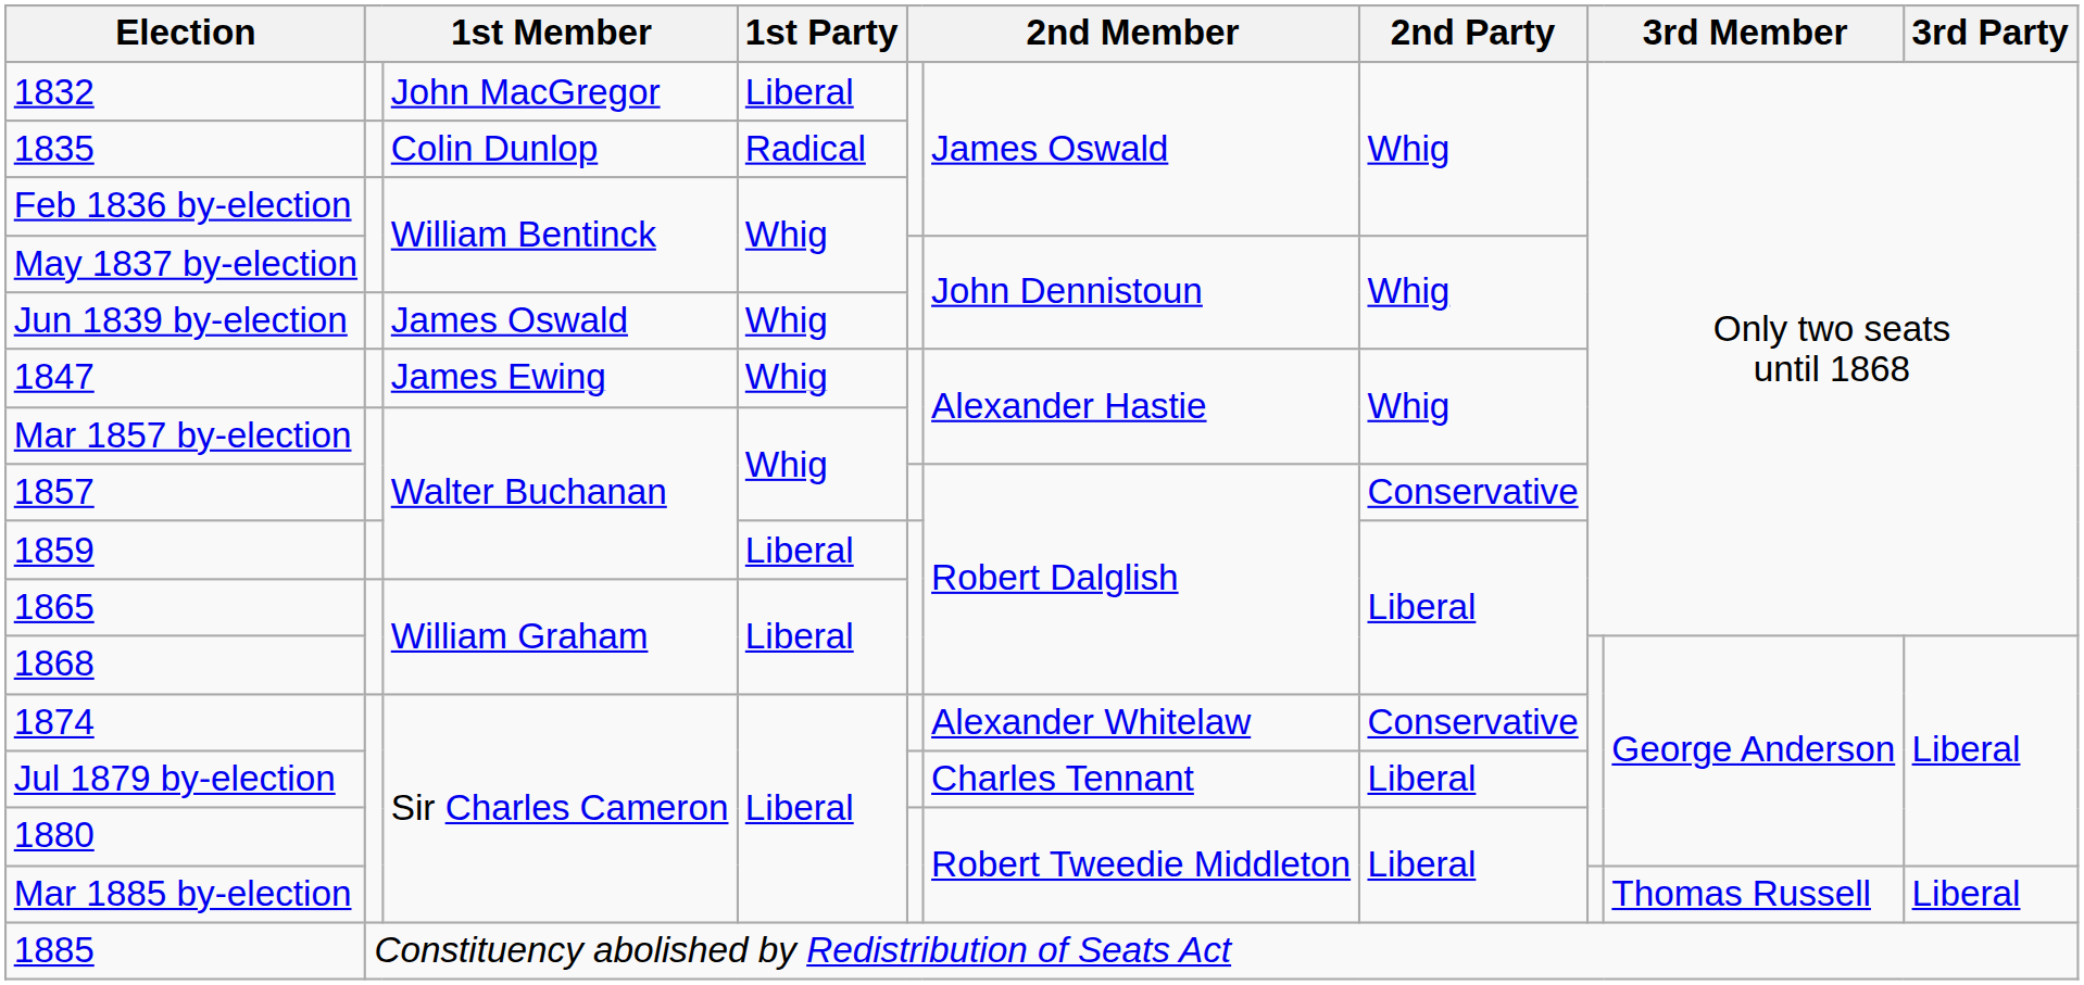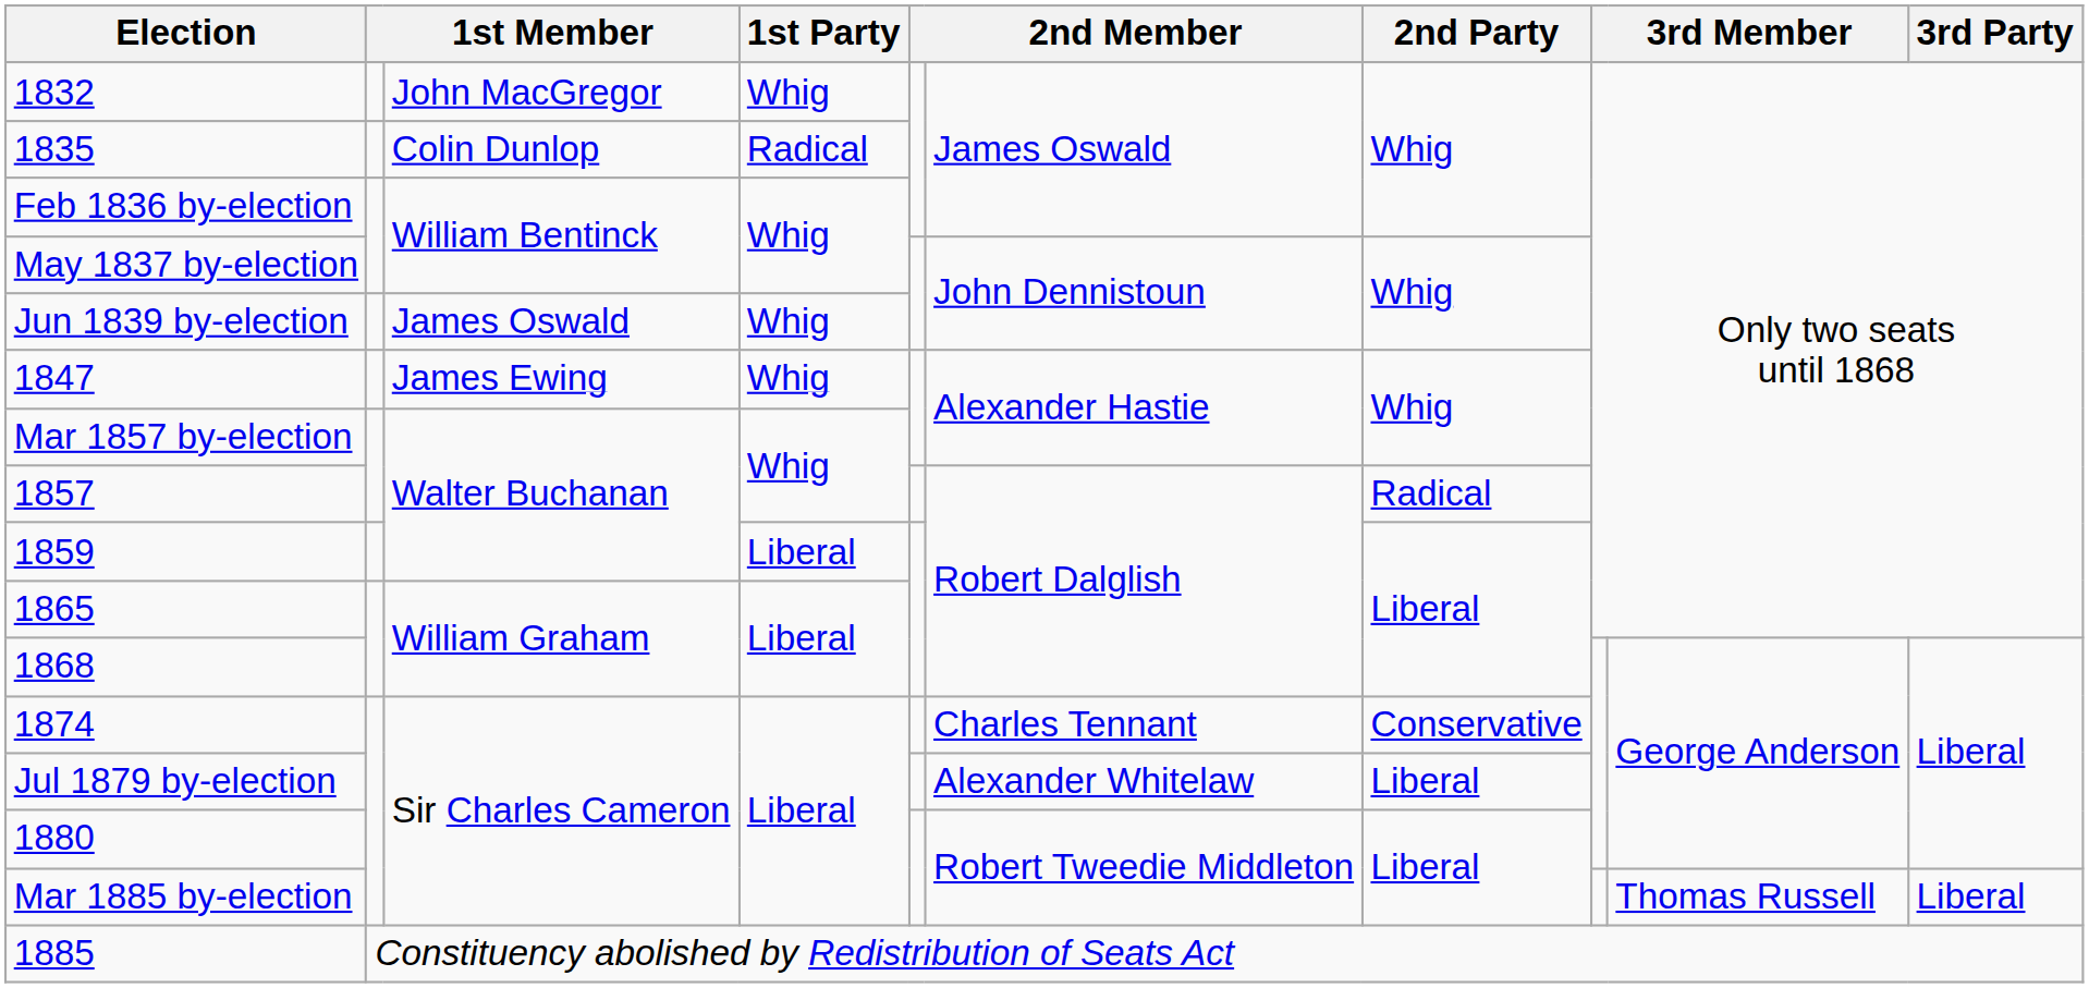 <table class="wikitable">
 <tr>
 <th>Election</th>
 <th colspan="2">1st Member</th>
 <th>1st Party</th>
 <th colspan="2">2nd Member</th>
 <th>2nd Party</th>
 <th colspan="2">3rd Member</th>
 <th>3rd Party</th>
 </tr>
 <tr>
 <td><a href='#'>1832</a></td>
 <td style="color:inherit;background-color: "></td>
 <td><a href='#'>John MacGregor</a></td>
-<td><a href='#'>Liberal</a></td>
+<td><a href='#'>Whig</a></td>
 <td rowspan="3" style="color:inherit;background-color: "></td>
 <td rowspan="3"><a href='#'>James Oswald</a></td>
 <td rowspan="3"><a href='#'>Whig</a></td>
 <td rowspan="10" colspan="3" style="text-align:center">Only two seats<br>until 1868</td>
 </tr>
 <tr>
 <td><a href='#'>1835</a></td>
 <td style="color:inherit;background-color: "></td>
 <td><a href='#'>Colin Dunlop</a></td>
 <td><a href='#'>Radical</a></td>
 </tr>
 <tr>
 <td><a href='#'>Feb 1836 by-election</a></td>
 <td rowspan="2" style="color:inherit;background-color: "></td>
 <td rowspan="2"><a href='#'>William Bentinck</a></td>
 <td rowspan="2"><a href='#'>Whig</a></td>
 </tr>
 <tr>
 <td><a href='#'>May 1837 by-election</a></td>
 <td rowspan="2" style="color:inherit;background-color: "></td>
 <td rowspan="2"><a href='#'>John Dennistoun</a></td>
 <td rowspan="2"><a href='#'>Whig</a></td>
 </tr>
 <tr>
 <td><a href='#'>Jun 1839 by-election</a></td>
 <td rowspan="1" style="color:inherit;background-color: "></td>
 <td rowspan="1"><a href='#'>James Oswald</a></td>
 <td rowspan="1"><a href='#'>Whig</a></td>
 </tr>
 <tr>
 <td><a href='#'>1847</a></td>
 <td style="color:inherit;background-color: "></td>
 <td><a href='#'>James Ewing</a></td>
 <td><a href='#'>Whig</a></td>
 <td rowspan="2" style="color:inherit;background-color: "></td>
 <td rowspan="2"><a href='#'>Alexander Hastie</a></td>
 <td rowspan="2"><a href='#'>Whig</a></td>
 </tr>
 <tr>
 <td><a href='#'>Mar 1857 by-election</a></td>
 <td rowspan="2" style="color:inherit;background-color: "></td>
 <td rowspan="3"><a href='#'>Walter Buchanan</a></td>
 <td rowspan="2"><a href='#'>Whig</a></td>
 </tr>
 <tr>
 <td><a href='#'>1857</a></td>
 <td style="color:inherit;background-color: "></td>
 <td rowspan="4"><a href='#'>Robert Dalglish</a></td>
-<td><a href='#'>Conservative</a></td>
+<td><a href='#'>Radical</a></td>
 </tr>
 <tr>
 <td><a href='#'>1859</a></td>
 <td style="color:inherit;background-color: "></td>
 <td><a href='#'>Liberal</a></td>
 <td rowspan="3" style="color:inherit;background-color: "></td>
 <td rowspan="3"><a href='#'>Liberal</a></td>
 </tr>
 <tr>
 <td><a href='#'>1865</a></td>
 <td rowspan="2" style="color:inherit;background-color: "></td>
 <td rowspan="2"><a href='#'>William Graham</a></td>
 <td rowspan="2"><a href='#'>Liberal</a></td>
 </tr>
 <tr>
 <td><a href='#'>1868</a></td>
 <td rowspan="4" style="color:inherit;background-color: "></td>
 <td rowspan="4"><a href='#'>George Anderson</a></td>
 <td rowspan="4"><a href='#'>Liberal</a></td>
 </tr>
 <tr>
 <td><a href='#'>1874</a></td>
 <td rowspan="4" style="color:inherit;background-color: "></td>
 <td rowspan="4">Sir <a href='#'>Charles Cameron</a></td>
 <td rowspan="4"><a href='#'>Liberal</a></td>
 <td style="color:inherit;background-color: "></td>
-<td><a href='#'>Alexander Whitelaw</a></td>
+<td><a href='#'>Charles Tennant</a></td>
 <td><a href='#'>Conservative</a></td>
 </tr>
 <tr>
 <td><a href='#'>Jul 1879 by-election</a></td>
 <td style="color:inherit;background-color: "></td>
-<td><a href='#'>Charles Tennant</a></td>
+<td><a href='#'>Alexander Whitelaw</a></td>
 <td><a href='#'>Liberal</a></td>
 </tr>
 <tr>
 <td><a href='#'>1880</a></td>
 <td rowspan="2" style="color:inherit;background-color: "></td>
 <td rowspan="2"><a href='#'>Robert Tweedie Middleton</a></td>
 <td rowspan="2"><a href='#'>Liberal</a></td>
 </tr>
 <tr>
 <td><a href='#'>Mar 1885 by-election</a></td>
 <td style="color:inherit;background-color: "></td>
 <td><a href='#'>Thomas Russell</a></td>
 <td><a href='#'>Liberal</a></td>
 </tr>
 <tr>
 <td><a href='#'>1885</a></td>
 <td colspan="9"><em>Constituency abolished by <a href='#'>Redistribution of Seats Act</a></em></td>
 </tr>
 </table>
